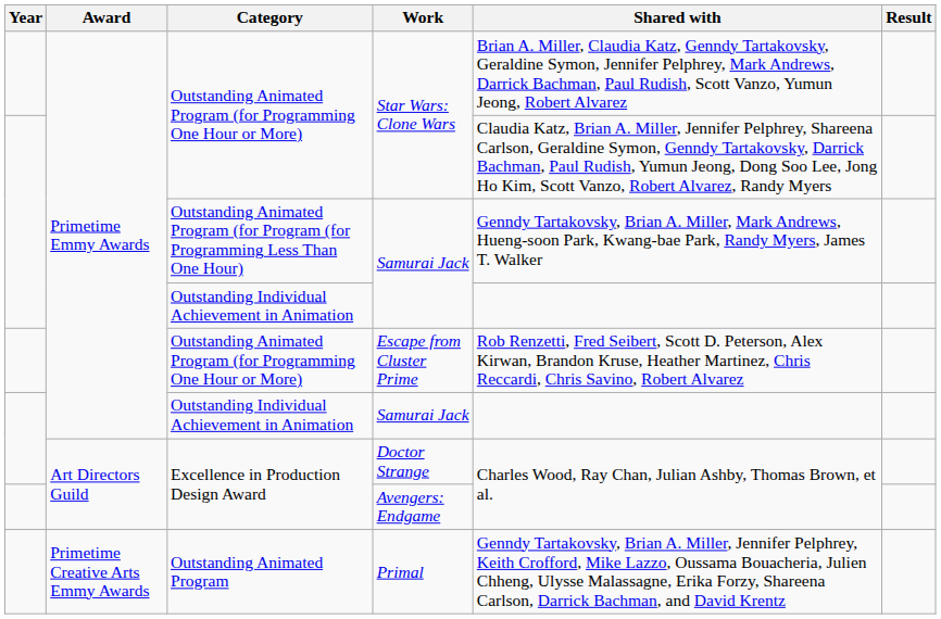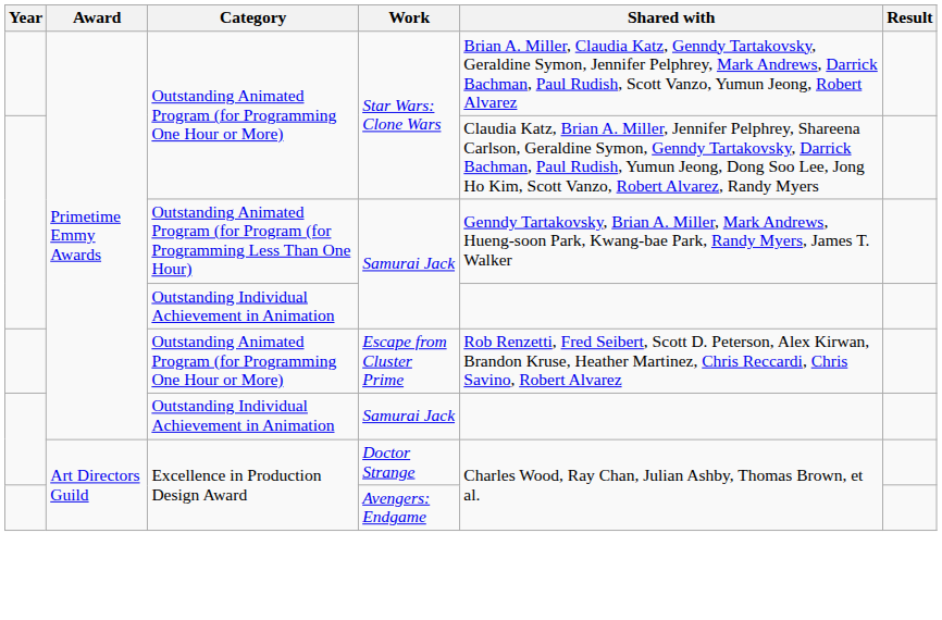 <table class="wikitable sortable" style="margin-right: 0;">
 <tr>
 <th>Year</th>
 <th>Award</th>
 <th>Category</th>
 <th>Work</th>
 <th>Shared with</th>
 <th>Result</th>
 </tr>
 <tr>
 <td></td>
 <td rowspan="6"><a href='#'>Primetime Emmy Awards</a></td>
 <td rowspan="2"><a href='#'>Outstanding Animated Program (for Programming One Hour or More)</a></td>
 <td rowspan="2"><em><a href='#'>Star Wars: Clone Wars</a></em></td>
 <td><a href='#'>Brian A. Miller</a>, <a href='#'>Claudia Katz</a>, <a href='#'>Genndy Tartakovsky</a>, Geraldine Symon, Jennifer Pelphrey, <a href='#'>Mark Andrews</a>, <a href='#'>Darrick Bachman</a>, <a href='#'>Paul Rudish</a>, Scott Vanzo, Yumun Jeong, <a href='#'>Robert Alvarez</a><br></td>
 <td></td>
 </tr>
 <tr>
 <td rowspan="3"></td>
 <td>Claudia Katz, <a href='#'>Brian A. Miller</a>, Jennifer Pelphrey, Shareena Carlson, Geraldine Symon, <a href='#'>Genndy Tartakovsky</a>, <a href='#'>Darrick Bachman</a>, <a href='#'>Paul Rudish</a>, Yumun Jeong, Dong Soo Lee, Jong Ho Kim, Scott Vanzo, <a href='#'>Robert Alvarez</a>, Randy Myers<br></td>
 <td></td>
 </tr>
 <tr>
 <td><a href='#'>Outstanding Animated Program (for Program (for Programming Less Than One Hour)</a></td>
 <td rowspan="2"><em><a href='#'>Samurai Jack</a></em></td>
 <td><a href='#'>Genndy Tartakovsky</a>, <a href='#'>Brian A. Miller</a>, <a href='#'>Mark Andrews</a>, Hueng-soon Park, Kwang-bae Park, <a href='#'>Randy Myers</a>, James T. Walker<br></td>
 <td></td>
 </tr>
 <tr>
 <td><a href='#'>Outstanding Individual Achievement in Animation</a></td>
 <td></td>
 <td></td>
 </tr>
 <tr>
 <td></td>
 <td><a href='#'>Outstanding Animated Program (for Programming One Hour or More)</a></td>
 <td><em><a href='#'>Escape from Cluster Prime</a></em></td>
 <td><a href='#'>Rob Renzetti</a>, <a href='#'>Fred Seibert</a>, Scott D. Peterson, Alex Kirwan, Brandon Kruse, Heather Martinez, <a href='#'>Chris Reccardi</a>, <a href='#'>Chris Savino</a>, <a href='#'>Robert Alvarez</a></td>
 <td></td>
 </tr>
 <tr>
 <td rowspan="2"></td>
 <td><a href='#'>Outstanding Individual Achievement in Animation</a></td>
 <td><em><a href='#'>Samurai Jack</a></em></td>
 <td></td>
 <td></td>
 </tr>
 <tr>
 <td rowspan="2"><a href='#'>Art Directors Guild</a></td>
 <td rowspan="2">Excellence in Production Design Award</td>
 <td><em><a href='#'>Doctor Strange</a></em></td>
 <td rowspan="2">Charles Wood, Ray Chan, Julian Ashby, Thomas Brown, et al.</td>
 <td></td>
 </tr>
 <tr>
 <td></td>
 <td><em><a href='#'>Avengers: Endgame</a></em></td>
 <td></td>
 </tr>
-<tr>
-<td></td>
-<td><a href='#'>Primetime Creative Arts Emmy Awards</a></td>
-<td><a href='#'>Outstanding Animated Program</a></td>
-<td><em><a href='#'>Primal</a></em></td>
-<td><a href='#'>Genndy Tartakovsky</a>, <a href='#'>Brian A. Miller</a>, Jennifer Pelphrey, <a href='#'>Keith Crofford</a>, <a href='#'>Mike Lazzo</a>, Oussama Bouacheria, Julien Chheng, Ulysse Malassagne, Erika Forzy, Shareena Carlson, <a href='#'>Darrick Bachman</a>, and <a href='#'>David Krentz</a><br></td>
-<td></td>
-</tr>
 </table>
